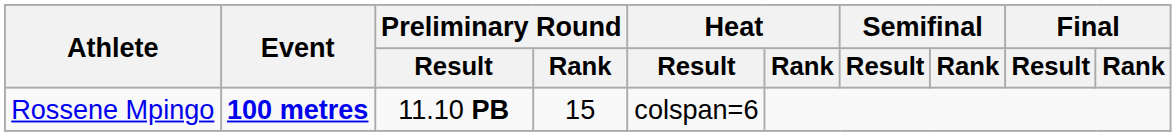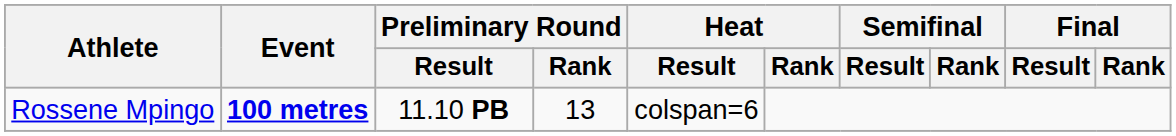 <table class="wikitable" style="font-size:90%">
 <tr>
 <th rowspan="2">Athlete</th>
 <th rowspan="2">Event</th>
 <th colspan="2">Preliminary Round</th>
 <th colspan="2">Heat</th>
 <th colspan="2">Semifinal</th>
 <th colspan="2">Final</th>
 </tr>
 <tr style="font-size:95%">
 <th>Result</th>
 <th>Rank</th>
 <th>Result</th>
 <th>Rank</th>
 <th>Result</th>
 <th>Rank</th>
 <th>Result</th>
 <th>Rank</th>
 </tr>
 <tr style=text-align:center>
 <td style=text-align:left><a href='#'>Rossene Mpingo</a></td>
 <td style=text-align:left><strong><a href='#'>100 metres</a></strong></td>
 <td>11.10 <strong>PB</strong></td>
-<td>15</td>
+<td>13</td>
 <td>colspan=6 </td>
 </tr>
 </table>
